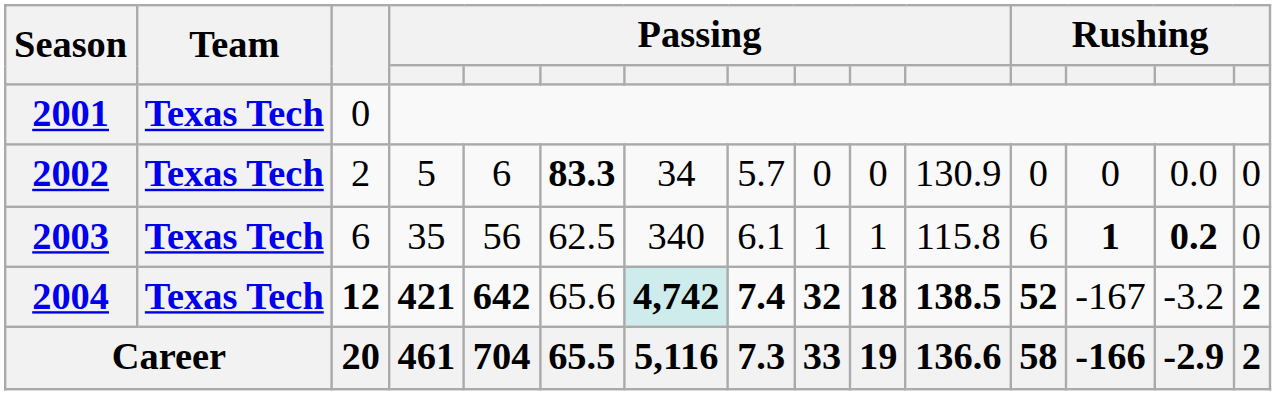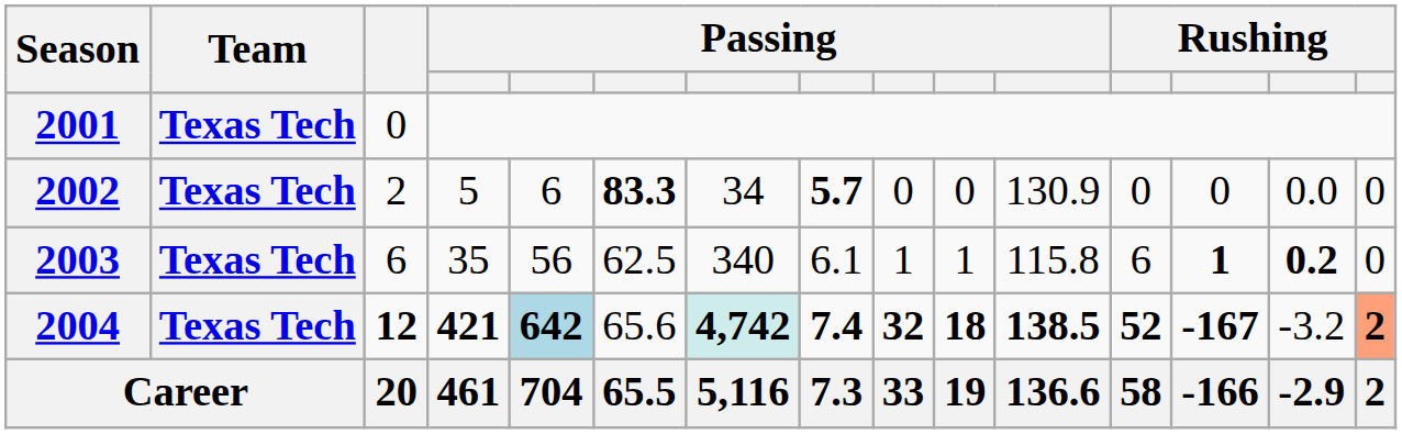 <table class="wikitable" style="text-align:center;">
 <tr>
 <th rowspan="2">Season</th>
 <th rowspan="2">Team</th>
 <th rowspan="2"></th>
 <th colspan="8">Passing</th>
 <th colspan="4">Rushing</th>
 </tr>
 <tr>
 <th></th>
 <th></th>
 <th></th>
 <th></th>
 <th></th>
 <th></th>
 <th></th>
 <th></th>
 <th></th>
 <th></th>
 <th></th>
 <th></th>
 </tr>
 <tr>
 <th><a href='#'>2001</a></th>
 <th><a href='#'>Texas Tech</a></th>
 <td>0</td>
 <td colspan="12"></td>
 </tr>
 <tr>
 <th><a href='#'>2002</a></th>
 <th><a href='#'>Texas Tech</a></th>
 <td>2</td>
 <td>5</td>
 <td>6</td>
 <td><strong>83.3</strong></td>
 <td>34</td>
-<td>5.7</td>
+<td><strong>5.7</strong></td>
 <td>0</td>
 <td>0</td>
 <td>130.9</td>
 <td>0</td>
 <td>0</td>
 <td>0.0</td>
 <td>0</td>
 </tr>
 <tr>
 <th><a href='#'>2003</a></th>
 <th><a href='#'>Texas Tech</a></th>
 <td>6</td>
 <td>35</td>
 <td>56</td>
 <td>62.5</td>
 <td>340</td>
 <td>6.1</td>
 <td>1</td>
 <td>1</td>
 <td>115.8</td>
 <td>6</td>
 <td><strong>1</strong></td>
 <td><strong>0.2</strong></td>
 <td>0</td>
 </tr>
 <tr>
 <th><a href='#'>2004</a></th>
 <th><a href='#'>Texas Tech</a></th>
 <td><strong>12</strong></td>
 <td><strong>421</strong></td>
-<td><strong>642</strong></td>
+<td style="background: lightblue;"><strong>642</strong></td>
 <td>65.6</td>
 <td style="background:#cfecec;"><strong>4,742</strong></td>
 <td><strong>7.4</strong></td>
 <td><strong>32</strong></td>
 <td><strong>18</strong></td>
 <td><strong>138.5</strong></td>
 <td><strong>52</strong></td>
-<td>-167</td>
+<td><strong>-167</strong></td>
 <td>-3.2</td>
-<td><strong>2</strong></td>
+<td style="background: lightsalmon;"><strong>2</strong></td>
 </tr>
 <tr>
 <th colspan="2">Career</th>
 <th>20</th>
 <th>461</th>
 <th>704</th>
 <th>65.5</th>
 <th>5,116</th>
 <th>7.3</th>
 <th>33</th>
 <th>19</th>
 <th>136.6</th>
 <th>58</th>
 <th>-166</th>
 <th>-2.9</th>
 <th>2</th>
 </tr>
 </table>
